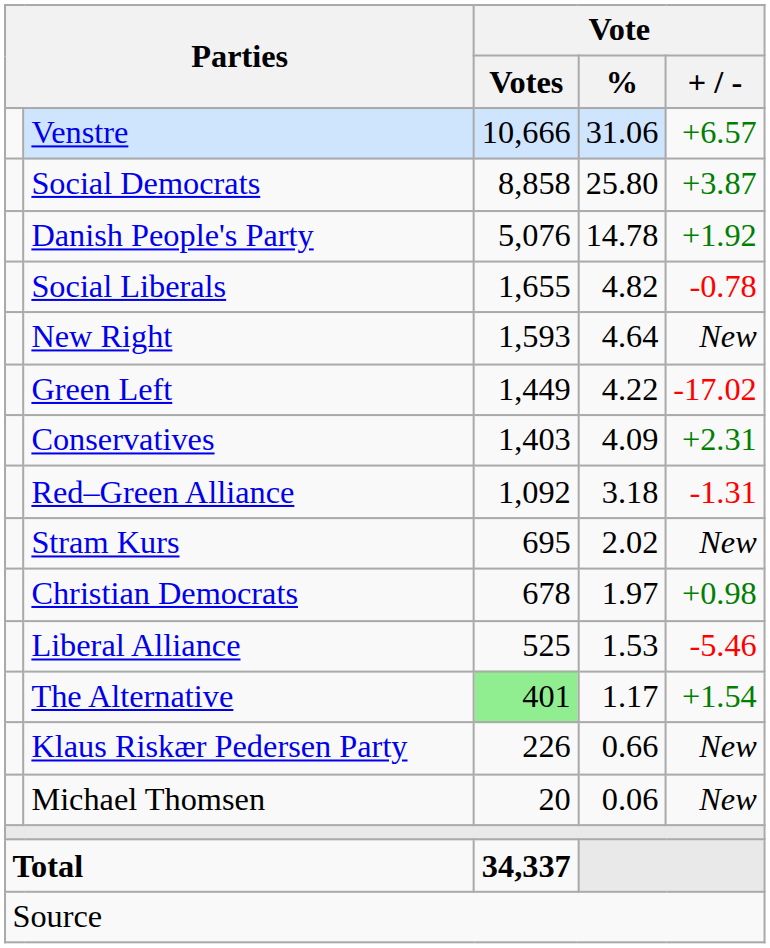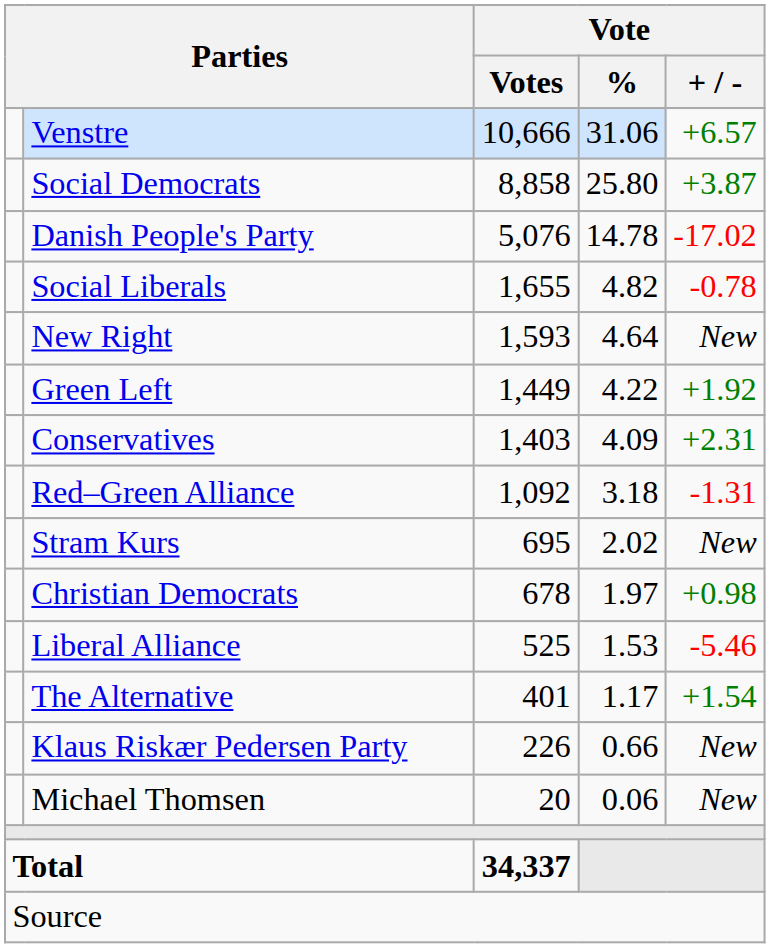 <table class="wikitable" style="text-align:right;">
 <tr>
 <th style="text-align:centre;" rowspan="2" colspan="2" width="225">Parties</th>
 <th colspan="3">Vote</th>
 </tr>
 <tr>
 <th width="15">Votes</th>
 <th width="15">%</th>
 <th width="15">+ / -</th>
 </tr>
 <tr>
 <td width="2" style="color:inherit;background:"></td>
 <td bgcolor=#cfe5fe  align="left"><a href='#'>Venstre</a></td>
 <td bgcolor=#cfe5fe>10,666</td>
 <td bgcolor=#cfe5fe>31.06</td>
 <td style=color:green;>+6.57</td>
 </tr>
 <tr>
 <td width="2" style="color:inherit;background:"></td>
 <td align="left"><a href='#'>Social Democrats</a></td>
 <td>8,858</td>
 <td>25.80</td>
 <td style=color:green;>+3.87</td>
 </tr>
 <tr>
 <td width="2" style="color:inherit;background:"></td>
 <td align="left"><a href='#'>Danish People's Party</a></td>
 <td>5,076</td>
 <td>14.78</td>
-<td style=color:green;>+1.92</td>
+<td style=color:red;>-17.02</td>
 </tr>
 <tr>
 <td width="2" style="color:inherit;background:"></td>
 <td align="left"><a href='#'>Social Liberals</a></td>
 <td>1,655</td>
 <td>4.82</td>
 <td style=color:red;>-0.78</td>
 </tr>
 <tr>
 <td width="2" style="color:inherit;background:"></td>
 <td align="left"><a href='#'>New Right</a></td>
 <td>1,593</td>
 <td>4.64</td>
 <td><em>New</em></td>
 </tr>
 <tr>
 <td width="2" style="color:inherit;background:"></td>
 <td align="left"><a href='#'>Green Left</a></td>
 <td>1,449</td>
 <td>4.22</td>
-<td style=color:red;>-17.02</td>
+<td style=color:green;>+1.92</td>
 </tr>
 <tr>
 <td width="2" style="color:inherit;background:"></td>
 <td align="left"><a href='#'>Conservatives</a></td>
 <td>1,403</td>
 <td>4.09</td>
 <td style=color:green;>+2.31</td>
 </tr>
 <tr>
 <td width="2" style="color:inherit;background:"></td>
 <td align="left"><a href='#'>Red–Green Alliance</a></td>
 <td>1,092</td>
 <td>3.18</td>
 <td style=color:red;>-1.31</td>
 </tr>
 <tr>
 <td width="2" style="color:inherit;background:"></td>
 <td align="left"><a href='#'>Stram Kurs</a></td>
 <td>695</td>
 <td>2.02</td>
 <td><em>New</em></td>
 </tr>
 <tr>
 <td width="2" style="color:inherit;background:"></td>
 <td align="left"><a href='#'>Christian Democrats</a></td>
 <td>678</td>
 <td>1.97</td>
 <td style=color:green;>+0.98</td>
 </tr>
 <tr>
 <td width="2" style="color:inherit;background:"></td>
 <td align="left"><a href='#'>Liberal Alliance</a></td>
 <td>525</td>
 <td>1.53</td>
 <td style=color:red;>-5.46</td>
 </tr>
 <tr>
 <td width="2" style="color:inherit;background:"></td>
 <td align="left"><a href='#'>The Alternative</a></td>
-<td style="background: lightgreen;">401</td>
+<td>401</td>
 <td>1.17</td>
 <td style=color:green;>+1.54</td>
 </tr>
 <tr>
 <td width="2" style="color:inherit;background:"></td>
 <td align="left"><a href='#'>Klaus Riskær Pedersen Party</a></td>
 <td>226</td>
 <td>0.66</td>
 <td><em>New</em></td>
 </tr>
 <tr>
 <td width="2" style="color:inherit;background:"></td>
 <td align="left">Michael Thomsen</td>
 <td>20</td>
 <td>0.06</td>
 <td><em>New</em></td>
 </tr>
 <tr>
 <td colspan="7" bgcolor="#E9E9E9"></td>
 </tr>
 <tr>
 <td align="left" colspan="2"><strong>Total</strong></td>
 <td><strong>34,337</strong></td>
 <td bgcolor="#E9E9E9" colspan="2"></td>
 </tr>
 <tr>
 <td align="left" colspan="6">Source</td>
 </tr>
 </table>
